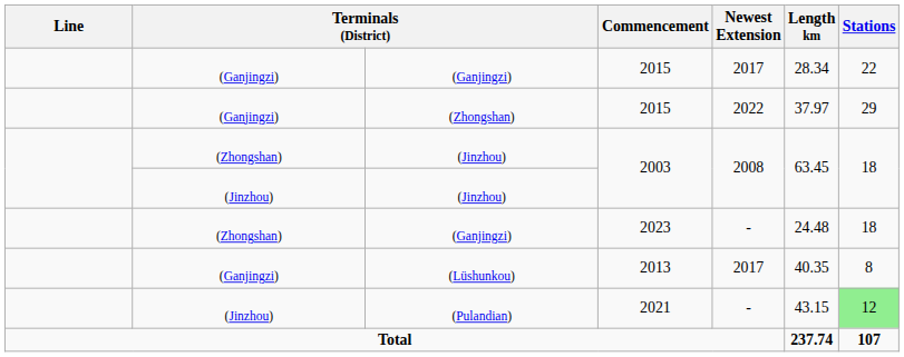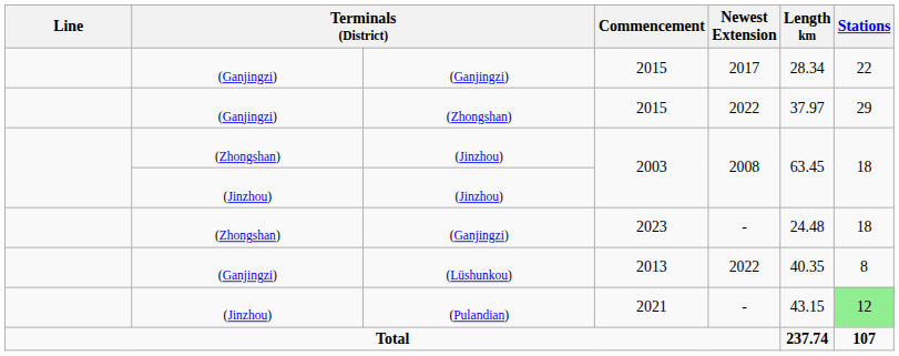 <table class="wikitable sortable" style="cell-padding:1.5; font-size:96%; text-align:center;">
 <tr>
 <th data-sort-type="text"style="width:120px;">Line</th>
 <th class="unsortable" colspan="2" style="width:450px; line-height:1.05">Terminals<br><small>(District)</small></th>
 <th>Commencement</th>
 <th>Newest<br>Extension</th>
 <th style="line-height:1.05">Length<br><small>km</small></th>
 <th style="line-height:1.05"><a href='#'>Stations</a></th>
 </tr>
 <tr>
 <td style="text-align:center; line-height:1.05"></td>
 <td style="text-align:center; width:225px; line-height:1.05"><strong></strong><small><br>(<a href='#'>Ganjingzi</a>)</small></td>
 <td style="text-align:center; width:225px; line-height:1.05"><strong></strong><small><br>(<a href='#'>Ganjingzi</a>)</small></td>
 <td style="text-align:center; line-height:1.05">2015</td>
 <td style="text-align:center; line-height:1.05">2017</td>
 <td style="text-align:center; line-height:1.05">28.34</td>
 <td style="text-align:center; line-height:1.05">22</td>
 </tr>
 <tr>
 <td style="text-align:center; line-height:1.05"></td>
 <td style="text-align:center; width:225px; line-height:1.05"><strong></strong><small><br>(<a href='#'>Ganjingzi</a>)</small></td>
 <td style="text-align:center; width:225px; line-height:1.05"><strong></strong><small><br>(<a href='#'>Zhongshan</a>)</small></td>
 <td style="text-align:center; line-height:1.05">2015</td>
 <td style="text-align:center; line-height:1.05">2022</td>
 <td style="text-align:center; line-height:1.05">37.97</td>
 <td style="text-align:center; line-height:1.05">29</td>
 </tr>
 <tr>
 <td style="text-align:center; line-height:1.05" rowspan="2"></td>
 <td style="text-align:center; width:225px; line-height:1.05"><strong></strong><small><br>(<a href='#'>Zhongshan</a>)</small></td>
 <td style="text-align:center; width:225px; line-height:1.05"><strong></strong><small><br>(<a href='#'>Jinzhou</a>)</small></td>
 <td style="text-align:center; line-height:1.05" rowspan="2">2003</td>
 <td style="text-align:center; line-height:1.05" rowspan="2">2008</td>
 <td style="text-align:center; line-height:1.05" rowspan="2">63.45</td>
 <td style="text-align:center; line-height:1.05" rowspan="2">18</td>
 </tr>
 <tr>
 <td style="text-align:center; width:225px; line-height:1.05"><strong></strong><small><br>(<a href='#'>Jinzhou</a>)</small></td>
 <td style="text-align:center; width:225px; line-height:1.05"><strong></strong><small><br>(<a href='#'>Jinzhou</a>)</small></td>
 </tr>
 <tr>
 <td style="text-align:center; line-height:1.05"></td>
 <td style="text-align:center; width:225px; line-height:1.05"><strong></strong><small><br>(<a href='#'>Zhongshan</a>)</small></td>
 <td style="text-align:center; width:225px; line-height:1.05"><strong></strong><small><br>(<a href='#'>Ganjingzi</a>)</small></td>
 <td style="text-align:center; line-height:1.05">2023</td>
 <td style="text-align:center; line-height:1.05">-</td>
 <td style="text-align:center; line-height:1.05">24.48</td>
 <td style="text-align:center; line-height:1.05">18</td>
 </tr>
 <tr>
 <td style="text-align:center; line-height:1.05"></td>
 <td style="text-align:center; width:225px; line-height:1.05"><strong></strong><small><br>(<a href='#'>Ganjingzi</a>)</small></td>
 <td style="text-align:center; width:225px; line-height:1.05"><strong></strong><small><br>(<a href='#'>Lüshunkou</a>)</small></td>
 <td style="text-align:center; line-height:1.05">2013</td>
-<td style="text-align:center; line-height:1.05">2017</td>
+<td style="text-align:center; line-height:1.05">2022</td>
 <td style="text-align:center; line-height:1.05">40.35</td>
 <td style="text-align:center; line-height:1.05">8</td>
 </tr>
 <tr>
 <td style="text-align:center; line-height:1.05"></td>
 <td style="text-align:center; width:225px; line-height:1.05"><strong></strong><small><br>(<a href='#'>Jinzhou</a>)</small></td>
 <td style="text-align:center; width:225px; line-height:1.05"><strong></strong><small><br>(<a href='#'>Pulandian</a>)</small></td>
 <td style="text-align:center; line-height:1.05">2021</td>
 <td style="text-align:center; line-height:1.05">-</td>
 <td style="text-align:center; line-height:1.05">43.15</td>
 <td style="background: lightgreen; text-align:center; line-height:1.05">12</td>
 </tr>
 <tr class="sortbottom">
 <td style="text-align:center; line-height:1.05" colspan="5"><strong>Total</strong></td>
 <td style="text-align:center; line-height:1.05"><strong>237.74</strong></td>
 <td style="text-align:center; line-height:1.05"><strong>107</strong></td>
 </tr>
 </table>
